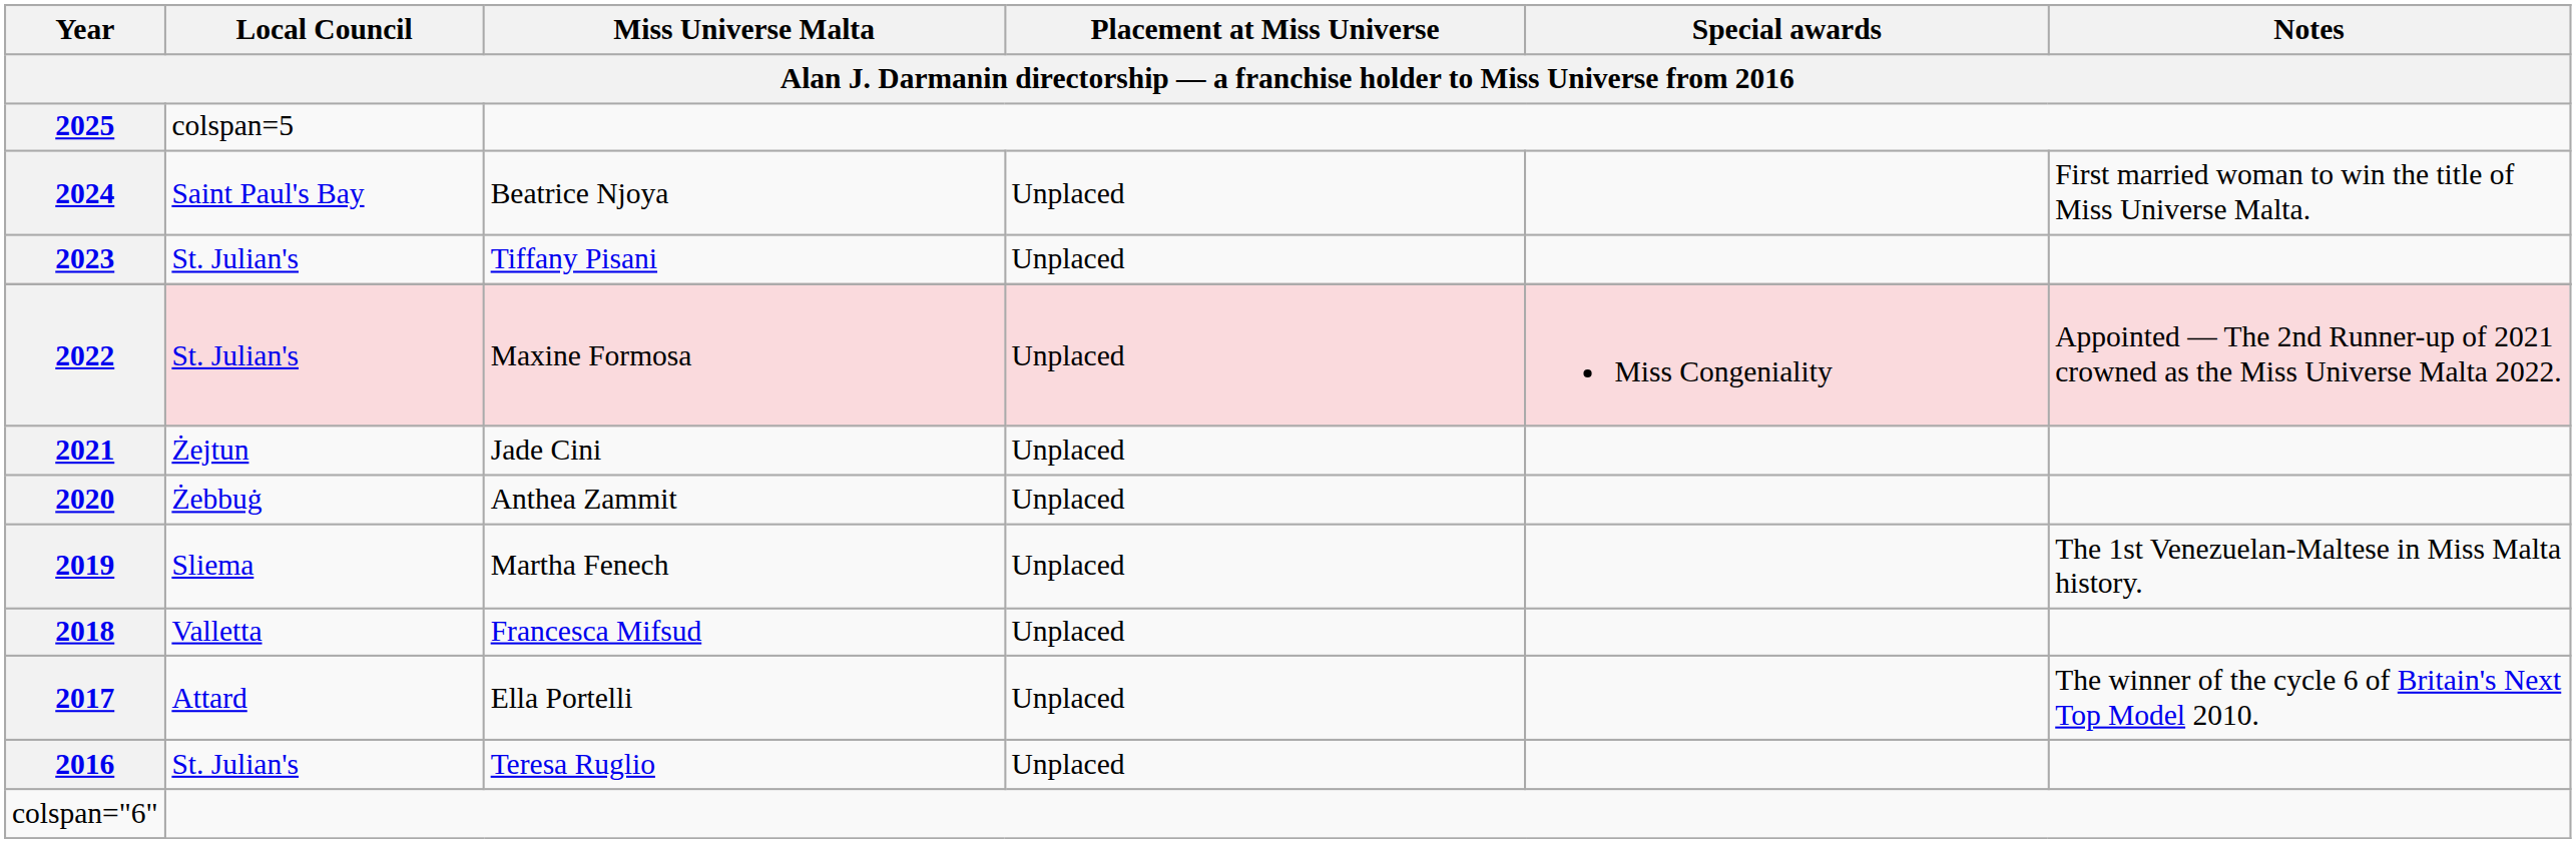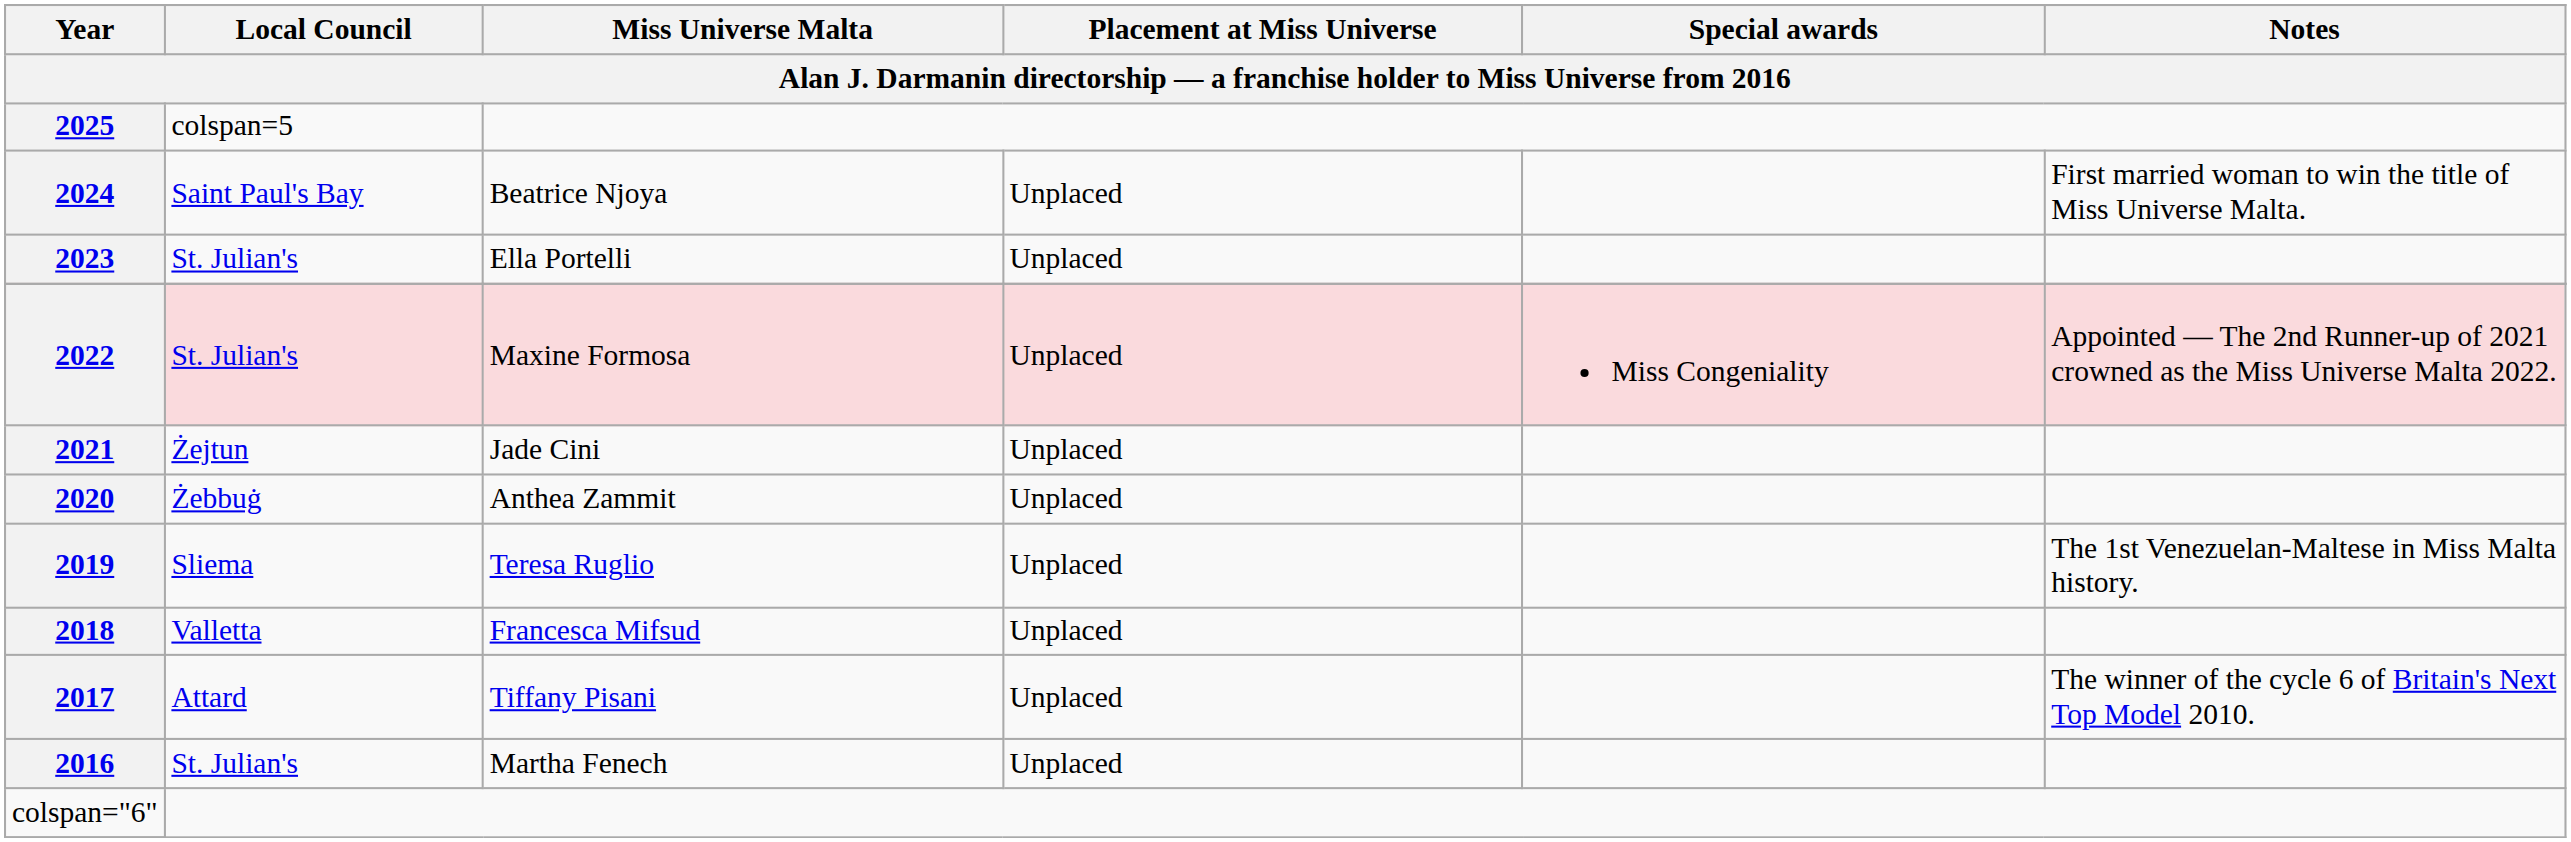 <table class="wikitable " style="font-size: 90%;">
 <tr>
 <th width="60">Year</th>
 <th width="150">Local Council</th>
 <th width="250">Miss Universe Malta</th>
 <th width="250">Placement at Miss Universe</th>
 <th width="250">Special awards</th>
 <th width="250">Notes</th>
 </tr>
 <tr>
 <th colspan="6">Alan J. Darmanin directorship — a franchise holder to Miss Universe from 2016</th>
 </tr>
 <tr>
 <th><a href='#'>2025</a></th>
 <td>colspan=5 </td>
 </tr>
 <tr>
 <th><a href='#'>2024</a></th>
 <td><a href='#'>Saint Paul's Bay</a></td>
 <td>Beatrice Njoya</td>
 <td>Unplaced</td>
 <td></td>
 <td>First married woman to win the title of Miss Universe Malta.</td>
 </tr>
 <tr>
 <th><a href='#'>2023</a></th>
 <td><a href='#'>St. Julian's</a></td>
-<td><a href='#'>Tiffany Pisani</a></td>
+<td>Ella Portelli</td>
 <td>Unplaced</td>
 <td></td>
 <td></td>
 </tr>
 <tr>
 </tr>
 <tr style="background-color:#FADADD;">
 <th><a href='#'>2022</a></th>
 <td><a href='#'>St. Julian's</a></td>
 <td>Maxine Formosa</td>
 <td>Unplaced</td>
 <td><br><ul><li>Miss Congeniality</li></ul></td>
 <td>Appointed — The 2nd Runner-up of 2021 crowned as the Miss Universe Malta 2022.</td>
 </tr>
 <tr>
 <th><a href='#'>2021</a></th>
 <td><a href='#'>Żejtun</a></td>
 <td>Jade Cini</td>
 <td>Unplaced</td>
 <td></td>
 <td></td>
 </tr>
 <tr>
 <th><a href='#'>2020</a></th>
 <td><a href='#'>Żebbuġ</a></td>
 <td>Anthea Zammit</td>
 <td>Unplaced</td>
 <td></td>
 <td></td>
 </tr>
 <tr>
 <th><a href='#'>2019</a></th>
 <td><a href='#'>Sliema</a></td>
-<td>Martha Fenech</td>
+<td><a href='#'>Teresa Ruglio</a></td>
 <td>Unplaced</td>
 <td></td>
 <td>The 1st Venezuelan-Maltese in Miss Malta history.</td>
 </tr>
 <tr>
 <th><a href='#'>2018</a></th>
 <td><a href='#'>Valletta</a></td>
 <td><a href='#'>Francesca Mifsud</a></td>
 <td>Unplaced</td>
 <td></td>
 <td></td>
 </tr>
 <tr>
 <th><a href='#'>2017</a></th>
 <td><a href='#'>Attard</a></td>
-<td>Ella Portelli</td>
+<td><a href='#'>Tiffany Pisani</a></td>
 <td>Unplaced</td>
 <td></td>
 <td>The winner of the cycle 6 of <a href='#'>Britain's Next Top Model</a> 2010.</td>
 </tr>
 <tr>
 <th><a href='#'>2016</a></th>
 <td><a href='#'>St. Julian's</a></td>
-<td><a href='#'>Teresa Ruglio</a></td>
+<td>Martha Fenech</td>
 <td>Unplaced</td>
 <td></td>
 <td></td>
 </tr>
 <tr>
 <td>colspan="6" </td>
 </tr>
 <tr>
 </tr>
 </table>
